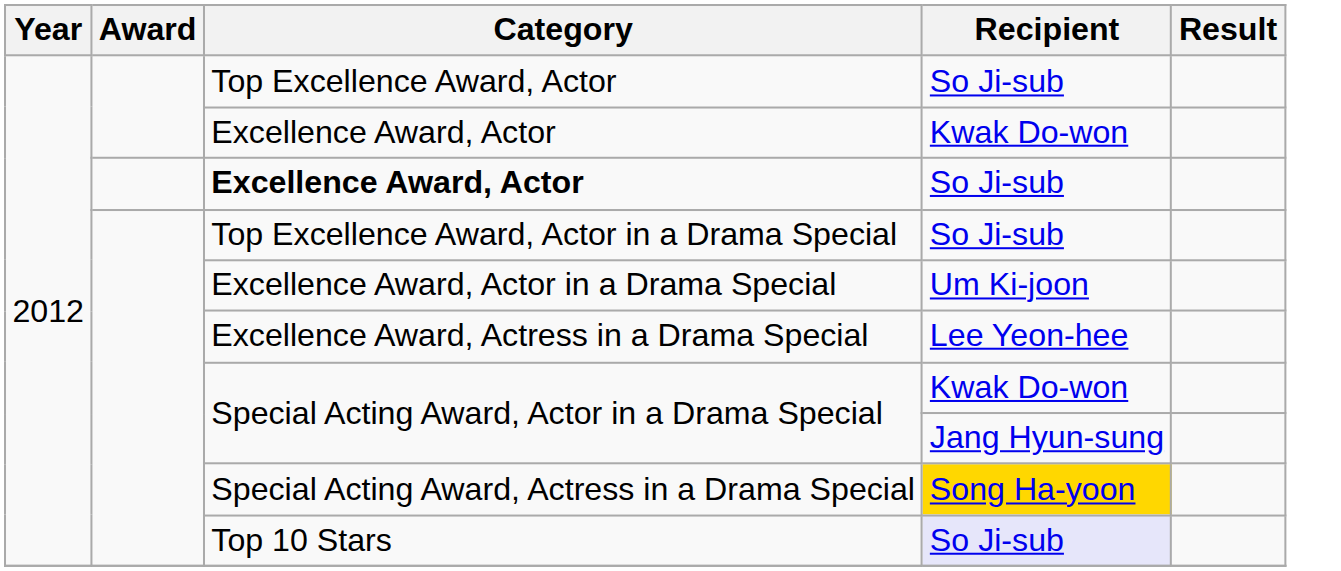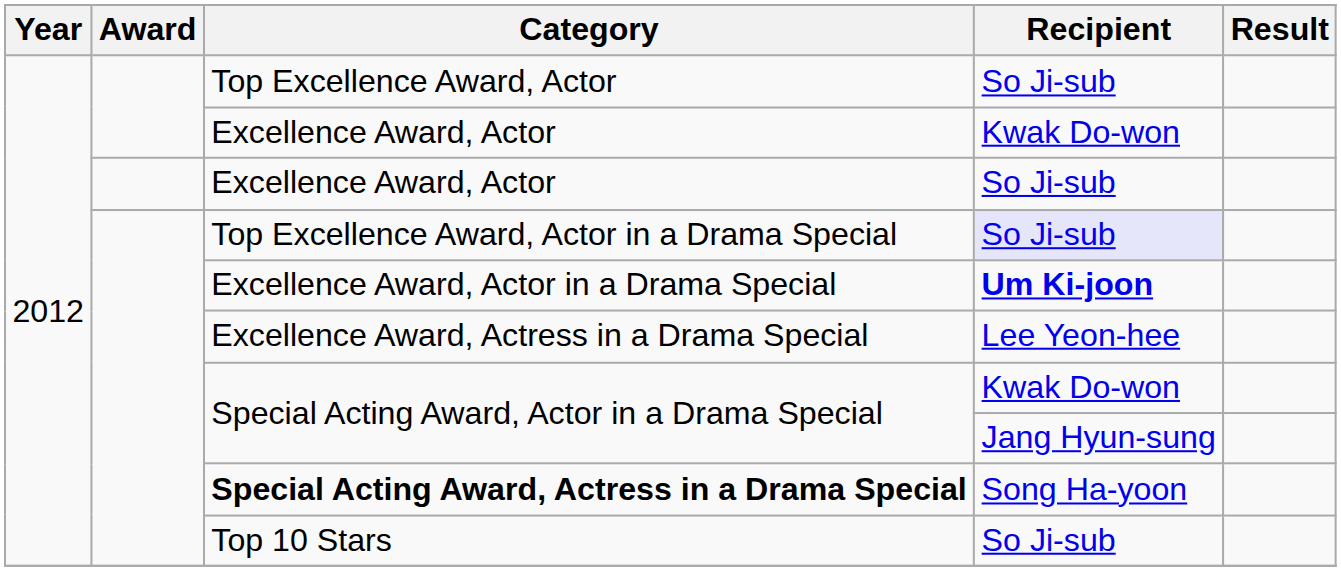 <table class=wikitable>
 <tr>
 <th>Year</th>
 <th>Award</th>
 <th>Category</th>
 <th>Recipient</th>
 <th>Result</th>
 </tr>
 <tr>
 <td rowspan=10>2012</td>
 <td rowspan=2></td>
 <td>Top Excellence Award, Actor</td>
 <td><a href='#'>So Ji-sub</a></td>
 <td></td>
 </tr>
 <tr>
 <td>Excellence Award, Actor</td>
 <td><a href='#'>Kwak Do-won</a></td>
 <td></td>
 </tr>
 <tr>
 <td></td>
-<td><strong>Excellence Award, Actor</strong></td>
+<td>Excellence Award, Actor</td>
 <td><a href='#'>So Ji-sub</a></td>
 <td></td>
 </tr>
 <tr>
 <td rowspan=7></td>
 <td>Top Excellence Award, Actor in a Drama Special</td>
-<td><a href='#'>So Ji-sub</a></td>
+<td style="background: lavender;"><a href='#'>So Ji-sub</a></td>
 <td></td>
 </tr>
 <tr>
 <td>Excellence Award, Actor in a Drama Special</td>
-<td><a href='#'>Um Ki-joon</a></td>
+<td><strong><a href='#'>Um Ki-joon</a></strong></td>
 <td></td>
 </tr>
 <tr>
 <td>Excellence Award, Actress in a Drama Special</td>
 <td><a href='#'>Lee Yeon-hee</a></td>
 <td></td>
 </tr>
 <tr>
 <td rowspan=2>Special Acting Award, Actor in a Drama Special</td>
 <td><a href='#'>Kwak Do-won</a></td>
 <td></td>
 </tr>
 <tr>
 <td><a href='#'>Jang Hyun-sung</a></td>
 <td></td>
 </tr>
 <tr>
-<td>Special Acting Award, Actress in a Drama Special</td>
-<td style="background: gold;"><a href='#'>Song Ha-yoon</a></td>
+<td><strong>Special Acting Award, Actress in a Drama Special</strong></td>
+<td><a href='#'>Song Ha-yoon</a></td>
 <td></td>
 </tr>
 <tr>
 <td>Top 10 Stars</td>
-<td style="background: lavender;"><a href='#'>So Ji-sub</a></td>
+<td><a href='#'>So Ji-sub</a></td>
 <td></td>
 </tr>
 <tr>
 </tr>
 </table>
